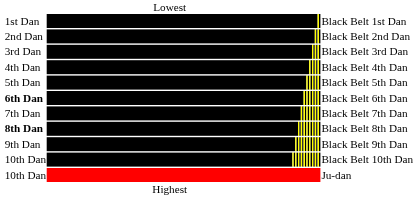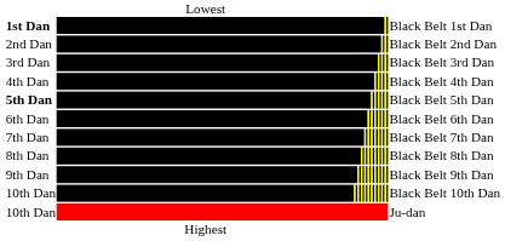 <table cellspacing="0">
 <tr>
 <td></td>
 <td align=center>Lowest</td>
 </tr>
 <tr>
-<td>1st Dan</td>
+<td><strong>1st Dan</strong></td>
 <td style="background:Black;" colspan="19"></td>
 <td style="background:Yellow;"></td>
 <td style="background:Black;"></td>
 <td>Black Belt 1st Dan</td>
 </tr>
 <tr>
 <td></td>
 </tr>
 <tr>
 <td>2nd Dan</td>
 <td style="background:Black;" colspan="17"></td>
 <td style="background:Yellow;"></td>
 <td style="background:Black;"></td>
 <td style="background:Yellow;"></td>
 <td style="background:Black;"></td>
 <td>Black Belt 2nd Dan</td>
 </tr>
 <tr>
 <td></td>
 </tr>
 <tr>
 <td>3rd Dan</td>
 <td style="background:Black;" colspan="15"></td>
 <td style="background:Yellow;"></td>
 <td style="background:Black;"></td>
 <td style="background:Yellow;"></td>
 <td style="background:Black;"></td>
 <td style="background:Yellow;"></td>
 <td style="background:Black;"></td>
 <td>Black Belt 3rd Dan</td>
 </tr>
 <tr>
 <td></td>
 </tr>
 <tr>
 <td>4th Dan</td>
 <td style="background:Black;" colspan="13"></td>
 <td style="background:Yellow;"></td>
 <td style="background:Black;"></td>
 <td style="background:Yellow;"></td>
 <td style="background:Black;"></td>
 <td style="background:Yellow;"></td>
 <td style="background:Black;"></td>
 <td style="background:Yellow;"></td>
 <td style="background:Black;"></td>
 <td>Black Belt 4th Dan</td>
 </tr>
 <tr>
 <td></td>
 </tr>
 <tr>
-<td>5th Dan</td>
+<td><strong>5th Dan</strong></td>
 <td style="background:Black;" colspan="11"></td>
 <td style="background:Yellow;"></td>
 <td style="background:Black;"></td>
 <td style="background:Yellow;"></td>
 <td style="background:Black;"></td>
 <td style="background:Yellow;"></td>
 <td style="background:Black;"></td>
 <td style="background:Yellow;"></td>
 <td style="background:Black;"></td>
 <td style="background:Yellow;"></td>
 <td style="background:Black;"></td>
 <td>Black Belt 5th Dan</td>
 </tr>
 <tr>
 <td></td>
 </tr>
 <tr>
-<td><strong>6th Dan</strong></td>
+<td>6th Dan</td>
 <td style="background:Black;" colspan="9"></td>
 <td style="background:Yellow;"></td>
 <td style="background:Black;"></td>
 <td style="background:Yellow;"></td>
 <td style="background:Black;"></td>
 <td style="background:Yellow;"></td>
 <td style="background:Black;"></td>
 <td style="background:Yellow;"></td>
 <td style="background:Black;"></td>
 <td style="background:Yellow;"></td>
 <td style="background:Black;"></td>
 <td style="background:Yellow;"></td>
 <td style="background:Black;"></td>
 <td>Black Belt 6th Dan</td>
 </tr>
 <tr>
 <td></td>
 </tr>
 <tr>
 <td>7th Dan</td>
 <td style="background:Black;" colspan="7"></td>
 <td style="background:Yellow;"></td>
 <td style="background:Black;"></td>
 <td style="background:Yellow;"></td>
 <td style="background:Black;"></td>
 <td style="background:Yellow;"></td>
 <td style="background:Black;"></td>
 <td style="background:Yellow;"></td>
 <td style="background:Black;"></td>
 <td style="background:Yellow;"></td>
 <td style="background:Black;"></td>
 <td style="background:Yellow;"></td>
 <td style="background:Black;"></td>
 <td style="background:Yellow;"></td>
 <td style="background:Black;"></td>
 <td>Black Belt 7th Dan</td>
 </tr>
 <tr>
 <td></td>
 </tr>
 <tr>
-<td><strong>8th Dan</strong></td>
+<td>8th Dan</td>
 <td style="background:Black;" colspan="5"></td>
 <td style="background:Yellow;"></td>
 <td style="background:Black;"></td>
 <td style="background:Yellow;"></td>
 <td style="background:Black;"></td>
 <td style="background:Yellow;"></td>
 <td style="background:Black;"></td>
 <td style="background:Yellow;"></td>
 <td style="background:Black;"></td>
 <td style="background:Yellow;"></td>
 <td style="background:Black;"></td>
 <td style="background:Yellow;"></td>
 <td style="background:Black;"></td>
 <td style="background:Yellow;"></td>
 <td style="background:Black;"></td>
 <td style="background:Yellow;"></td>
 <td style="background:Black;"></td>
 <td>Black Belt 8th Dan</td>
 </tr>
 <tr>
 <td></td>
 </tr>
 <tr>
 <td>9th Dan</td>
 <td style="background:Black;" colspan="3"></td>
 <td style="background:Yellow;"></td>
 <td style="background:Black;"></td>
 <td style="background:Yellow;"></td>
 <td style="background:Black;"></td>
 <td style="background:Yellow;"></td>
 <td style="background:Black;"></td>
 <td style="background:Yellow;"></td>
 <td style="background:Black;"></td>
 <td style="background:Yellow;"></td>
 <td style="background:Black;"></td>
 <td style="background:Yellow;"></td>
 <td style="background:Black;"></td>
 <td style="background:Yellow;"></td>
 <td style="background:Black;"></td>
 <td style="background:Yellow;"></td>
 <td style="background:Black;"></td>
 <td style="background:Yellow;"></td>
 <td style="background:Black;"></td>
 <td>Black Belt 9th Dan</td>
 </tr>
 <tr>
 <td></td>
 </tr>
 <tr>
 <td>10th Dan</td>
 <td style="background:Black; width:60%;"></td>
 <td style="background:Yellow;"></td>
 <td style="background:Black;"></td>
 <td style="background:Yellow;"></td>
 <td style="background:Black;"></td>
 <td style="background:Yellow;"></td>
 <td style="background:Black;"></td>
 <td style="background:Yellow;"></td>
 <td style="background:Black;"></td>
 <td style="background:Yellow;"></td>
 <td style="background:Black;"></td>
 <td style="background:Yellow;"></td>
 <td style="background:Black;"></td>
 <td style="background:Yellow;"></td>
 <td style="background:Black;"></td>
 <td style="background:Yellow;"></td>
 <td style="background:Black;"></td>
 <td style="background:Yellow;"></td>
 <td style="background:Black;"></td>
 <td style="background:Yellow;"></td>
 <td style="background:Black;"></td>
 <td>Black Belt 10th Dan</td>
 </tr>
 <tr>
 <td></td>
 </tr>
 <tr>
 <td>10th Dan</td>
 <td style="background:Red;" colspan="21"></td>
 <td>Ju-dan</td>
 </tr>
 <tr>
 <td></td>
 <td align=center>Highest</td>
 </tr>
 </table>
